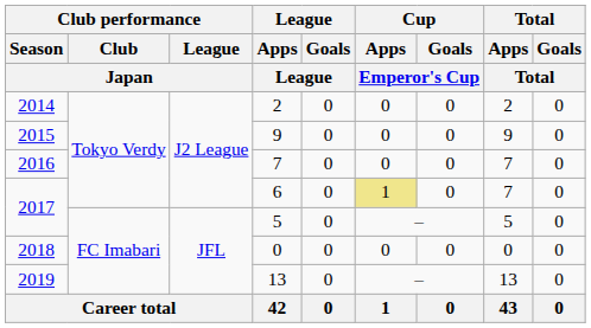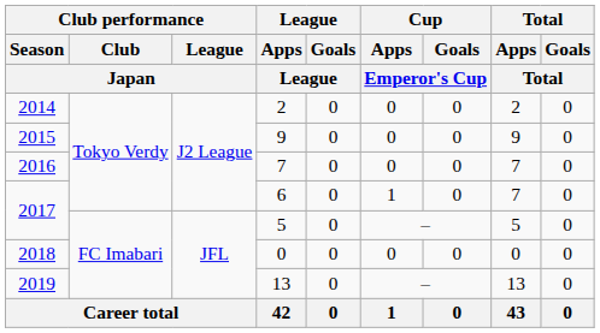 <table class="wikitable" style="text-align:center">
 <tr>
 <th colspan=3>Club performance</th>
 <th colspan=2>League</th>
 <th colspan=2>Cup</th>
 <th colspan=2>Total</th>
 </tr>
 <tr>
 <th>Season</th>
 <th>Club</th>
 <th>League</th>
 <th>Apps</th>
 <th>Goals</th>
 <th>Apps</th>
 <th>Goals</th>
 <th>Apps</th>
 <th>Goals</th>
 </tr>
 <tr>
 <th colspan=3>Japan</th>
 <th colspan=2>League</th>
 <th colspan=2><a href='#'>Emperor's Cup</a></th>
 <th colspan=2>Total</th>
 </tr>
 <tr>
 <td><a href='#'>2014</a></td>
 <td rowspan="4"><a href='#'>Tokyo Verdy</a></td>
 <td rowspan="4"><a href='#'>J2 League</a></td>
 <td>2</td>
 <td>0</td>
 <td>0</td>
 <td>0</td>
 <td>2</td>
 <td>0</td>
 </tr>
 <tr>
 <td><a href='#'>2015</a></td>
 <td>9</td>
 <td>0</td>
 <td>0</td>
 <td>0</td>
 <td>9</td>
 <td>0</td>
 </tr>
 <tr>
 <td><a href='#'>2016</a></td>
 <td>7</td>
 <td>0</td>
 <td>0</td>
 <td>0</td>
 <td>7</td>
 <td>0</td>
 </tr>
 <tr>
 <td rowspan="2"><a href='#'>2017</a></td>
 <td>6</td>
 <td>0</td>
-<td style="background: khaki;">1</td>
+<td>1</td>
 <td>0</td>
 <td>7</td>
 <td>0</td>
 </tr>
 <tr>
 <td rowspan="3"><a href='#'>FC Imabari</a></td>
 <td rowspan="3"><a href='#'>JFL</a></td>
 <td>5</td>
 <td>0</td>
 <td colspan="2">–</td>
 <td>5</td>
 <td>0</td>
 </tr>
 <tr>
 <td><a href='#'>2018</a></td>
 <td>0</td>
 <td>0</td>
 <td>0</td>
 <td>0</td>
 <td>0</td>
 <td>0</td>
 </tr>
 <tr>
 <td><a href='#'>2019</a></td>
 <td>13</td>
 <td>0</td>
 <td colspan="2">–</td>
 <td>13</td>
 <td>0</td>
 </tr>
 <tr>
 <th colspan=3>Career total</th>
 <th>42</th>
 <th>0</th>
 <th>1</th>
 <th>0</th>
 <th>43</th>
 <th>0</th>
 </tr>
 </table>
